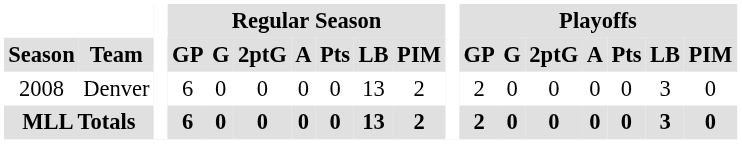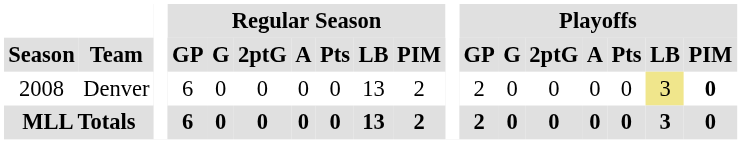 <table BORDER="0" CELLPADDING="3" CELLSPACING="0">
 <tr ALIGN="center" bgcolor="#e0e0e0">
 <th colspan="2" bgcolor="#ffffff"> </th>
 <th rowspan="99" bgcolor="#ffffff"> </th>
 <th colspan="7">Regular Season</th>
 <th rowspan="99" bgcolor="#ffffff"> </th>
 <th colspan="7">Playoffs</th>
 </tr>
 <tr ALIGN="center" bgcolor="#e0e0e0">
 <th>Season</th>
 <th>Team</th>
 <th>GP</th>
 <th>G</th>
 <th>2ptG</th>
 <th>A</th>
 <th>Pts</th>
 <th>LB</th>
 <th>PIM</th>
 <th>GP</th>
 <th>G</th>
 <th>2ptG</th>
 <th>A</th>
 <th>Pts</th>
 <th>LB</th>
 <th>PIM</th>
 </tr>
 <tr ALIGN="center">
 <td>2008</td>
 <td>Denver</td>
 <td>6</td>
 <td>0</td>
 <td>0</td>
 <td>0</td>
 <td>0</td>
 <td>13</td>
 <td>2</td>
 <td>2</td>
 <td>0</td>
 <td>0</td>
 <td>0</td>
 <td>0</td>
-<td>3</td>
-<td>0</td>
+<td style="background: khaki;">3</td>
+<td><strong>0</strong></td>
 </tr>
 <tr ALIGN="center" bgcolor="#e0e0e0">
 <th colspan="2">MLL Totals</th>
 <th>6</th>
 <th>0</th>
 <th>0</th>
 <th>0</th>
 <th>0</th>
 <th>13</th>
 <th>2</th>
 <th>2</th>
 <th>0</th>
 <th>0</th>
 <th>0</th>
 <th>0</th>
 <th>3</th>
 <th>0</th>
 </tr>
 </table>
